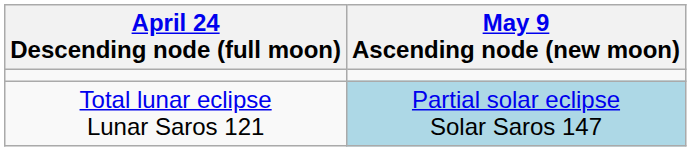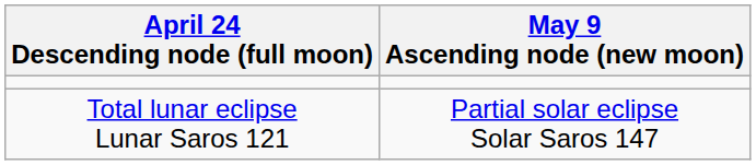 <table class="wikitable">
 <tr>
 <th><a href='#'>April 24</a><br>Descending node (full moon)<br></th>
 <th><a href='#'>May 9</a><br>Ascending node (new moon)<br></th>
 </tr>
 <tr>
 <td></td>
 <td></td>
 </tr>
 <tr align=center>
 <td><a href='#'>Total lunar eclipse</a><br>Lunar Saros 121</td>
-<td style="background: lightblue;"><a href='#'>Partial solar eclipse</a><br>Solar Saros 147</td>
+<td><a href='#'>Partial solar eclipse</a><br>Solar Saros 147</td>
 </tr>
 </table>
